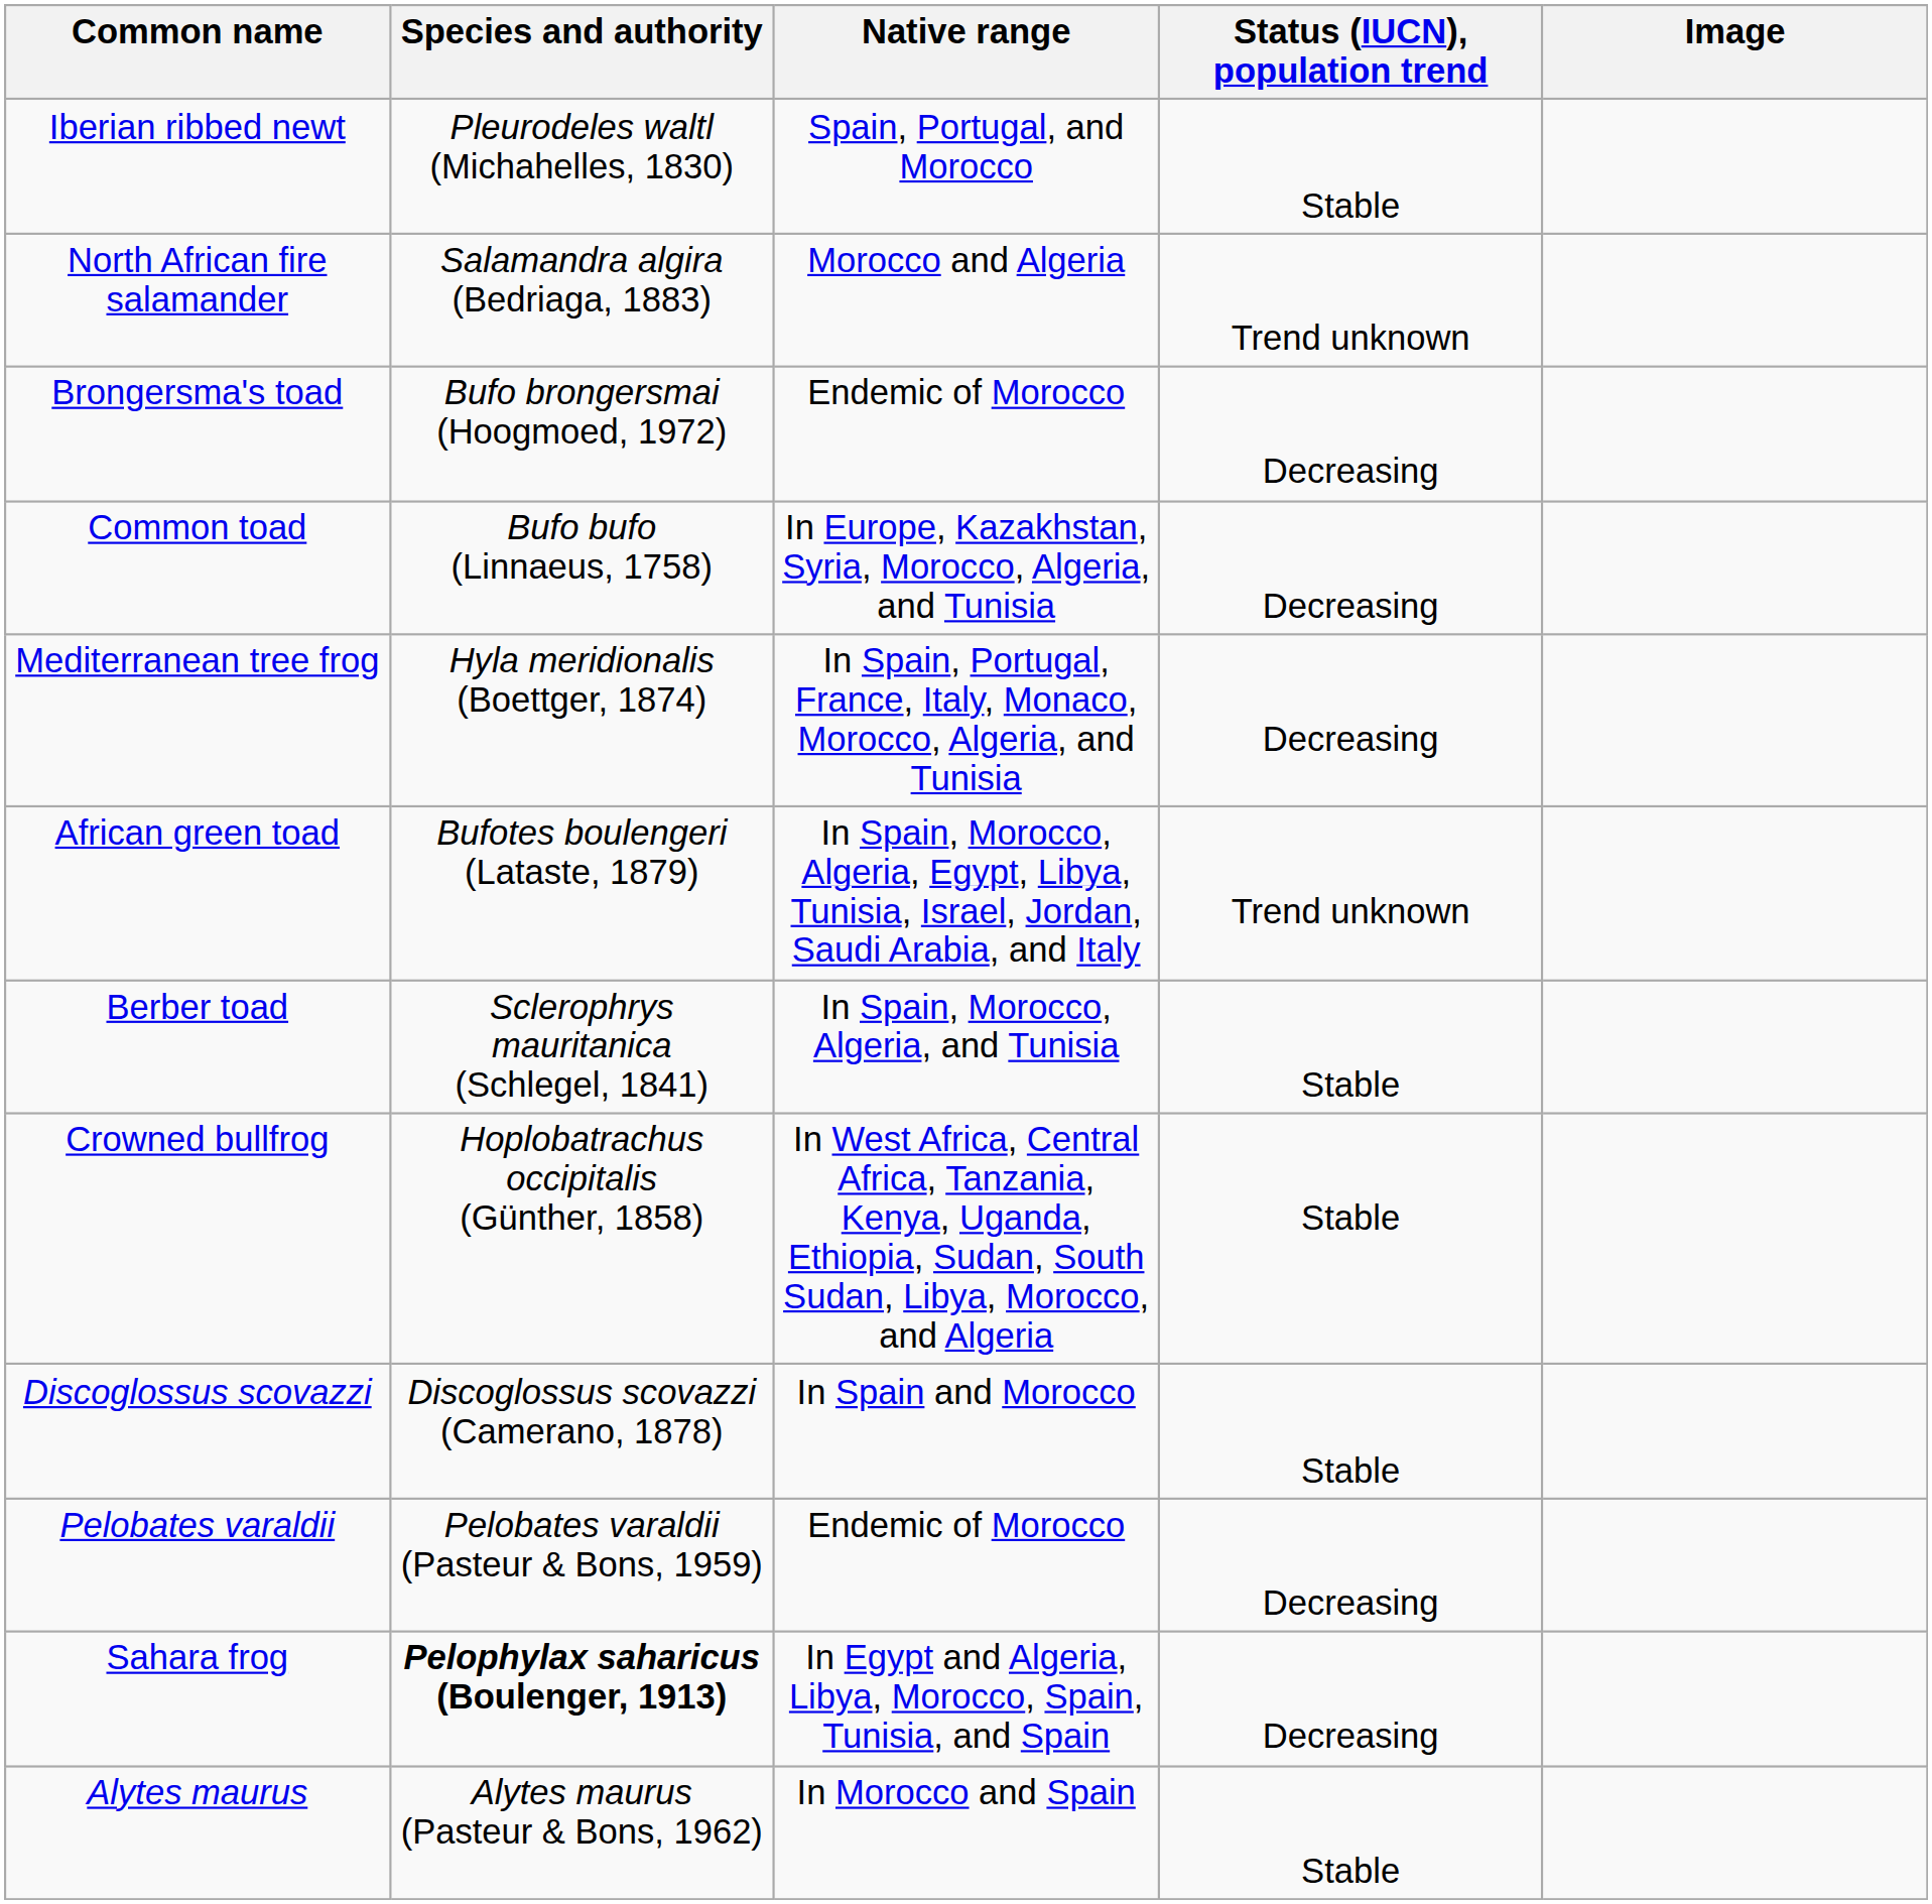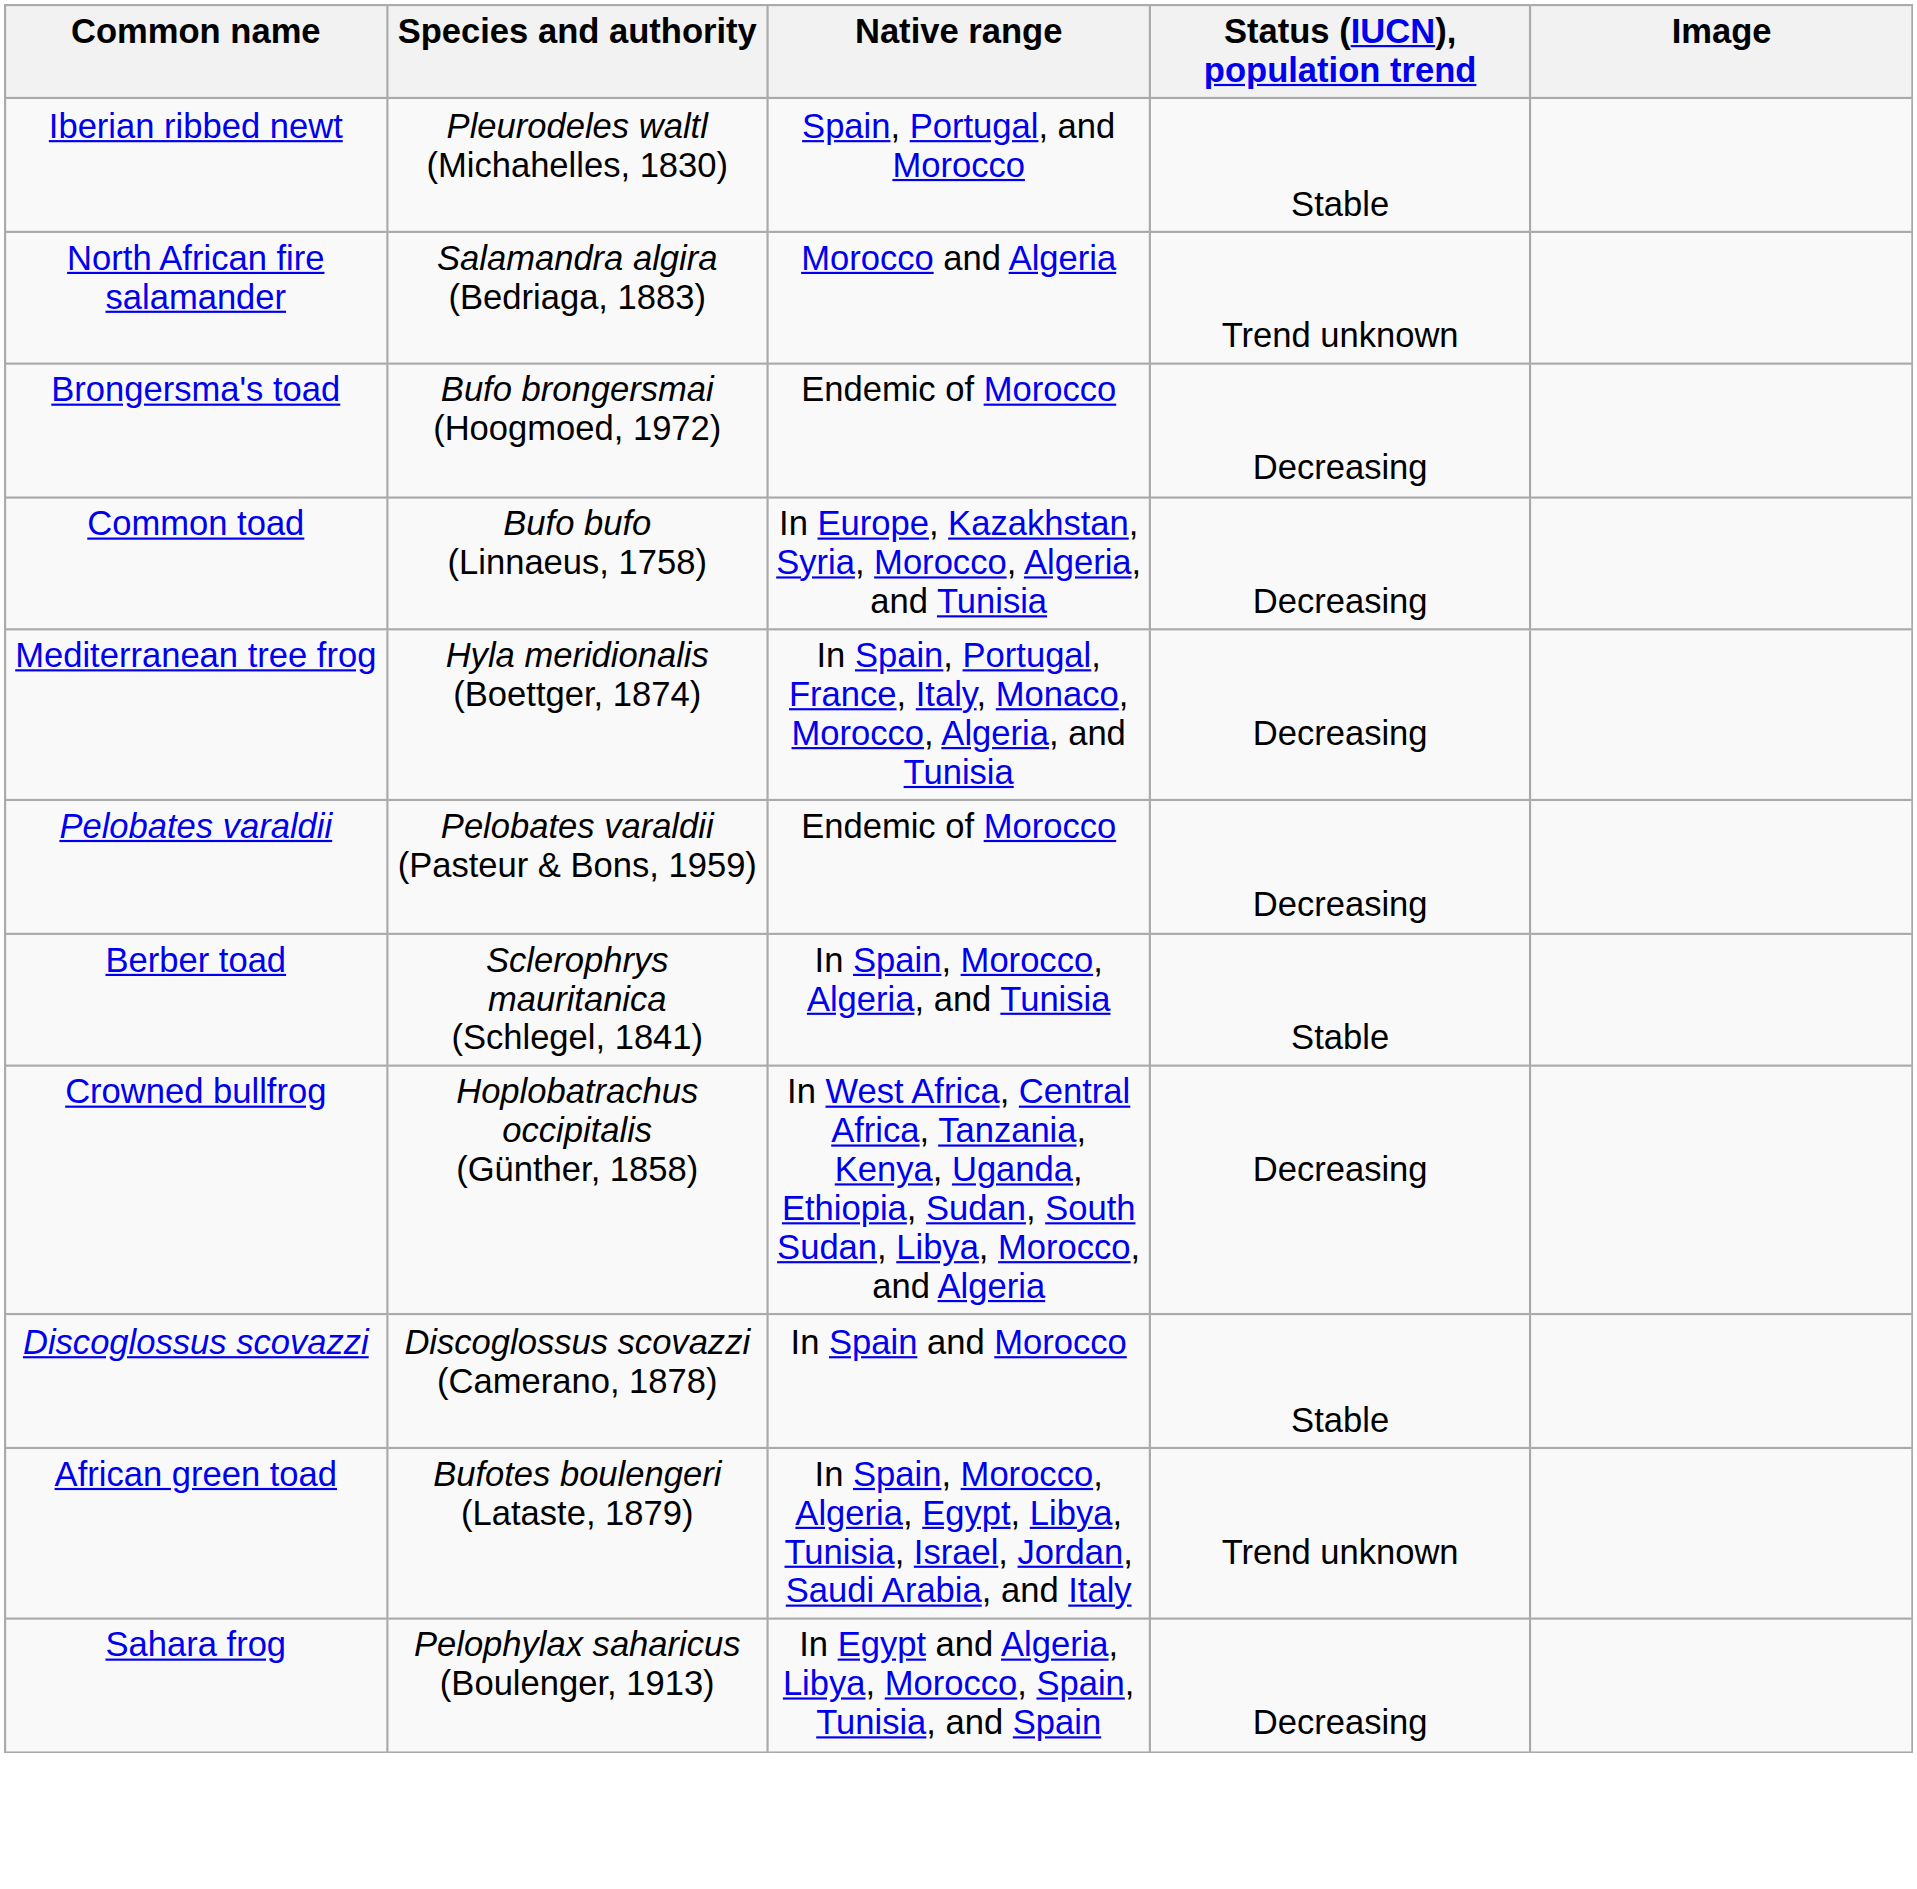 <table class="wikitable" width="100%" style="text-align:center;">
 <tr valign="top">
 <th width="20%">Common name</th>
 <th width="20%">Species and authority</th>
 <th width="20%">Native range</th>
 <th width="20%">Status (<a href='#'>IUCN</a>), <a href='#'>population trend</a></th>
 <th>Image</th>
 </tr>
 <tr valign="top">
 <td><a href='#'>Iberian ribbed newt</a></td>
 <td><em>Pleurodeles waltl</em><br>(Michahelles, 1830)</td>
 <td><a href='#'>Spain</a>, <a href='#'>Portugal</a>, and <a href='#'>Morocco</a><br></td>
 <td><br> <br> Stable</td>
 <td></td>
 </tr>
 <tr valign="top">
 <td><a href='#'>North African fire salamander</a></td>
 <td><em>Salamandra algira</em><br>(Bedriaga, 1883)</td>
 <td><a href='#'>Morocco</a> and <a href='#'>Algeria</a><br></td>
 <td><br> <br> Trend unknown</td>
 <td></td>
 </tr>
 <tr valign="top">
 <td><a href='#'>Brongersma's toad</a></td>
 <td><em>Bufo brongersmai</em><br>(Hoogmoed, 1972)</td>
 <td>Endemic of <a href='#'>Morocco</a></td>
 <td><br> <br> Decreasing</td>
 <td></td>
 </tr>
 <tr valign="top">
 <td><a href='#'>Common toad</a></td>
 <td><em>Bufo bufo</em><br>(Linnaeus, 1758)</td>
 <td>In <a href='#'>Europe</a>, <a href='#'>Kazakhstan</a>, <a href='#'>Syria</a>, <a href='#'>Morocco</a>, <a href='#'>Algeria</a>, and <a href='#'>Tunisia</a><br></td>
 <td><br> <br> Decreasing</td>
 <td></td>
 </tr>
 <tr valign="top">
 <td><a href='#'>Mediterranean tree frog</a></td>
 <td><em>Hyla meridionalis</em><br>(Boettger, 1874)</td>
 <td>In <a href='#'>Spain</a>, <a href='#'>Portugal</a>, <a href='#'>France</a>, <a href='#'>Italy</a>, <a href='#'>Monaco</a>, <a href='#'>Morocco</a>, <a href='#'>Algeria</a>, and <a href='#'>Tunisia</a><br></td>
 <td><br> <br> Decreasing</td>
 <td></td>
 </tr>
 <tr valign="top">
-<td><a href='#'>African green toad</a></td>
-<td><em>Bufotes boulengeri</em><br>(Lataste, 1879)</td>
-<td>In <a href='#'>Spain</a>, <a href='#'>Morocco</a>, <a href='#'>Algeria</a>, <a href='#'>Egypt</a>, <a href='#'>Libya</a>, <a href='#'>Tunisia</a>, <a href='#'>Israel</a>, <a href='#'>Jordan</a>, <a href='#'>Saudi Arabia</a>, and <a href='#'>Italy</a><br></td>
-<td><br> <br> Trend unknown</td>
+<td><em><a href='#'>Pelobates varaldii</a></em></td>
+<td><em>Pelobates varaldii</em><br>(Pasteur & Bons, 1959)</td>
+<td>Endemic of <a href='#'>Morocco</a></td>
+<td><br> <br> Decreasing</td>
 <td></td>
 </tr>
 <tr valign="top">
 <td><a href='#'>Berber toad</a></td>
 <td><em>Sclerophrys mauritanica</em><br>(Schlegel, 1841)</td>
 <td>In <a href='#'>Spain</a>, <a href='#'>Morocco</a>, <a href='#'>Algeria</a>, and <a href='#'>Tunisia</a><br></td>
 <td><br> <br> Stable</td>
 <td></td>
 </tr>
 <tr valign="top">
 <td><a href='#'>Crowned bullfrog</a></td>
 <td><em>Hoplobatrachus occipitalis</em><br>(Günther, 1858)</td>
 <td>In <a href='#'>West Africa</a>, <a href='#'>Central Africa</a>, <a href='#'>Tanzania</a>, <a href='#'>Kenya</a>, <a href='#'>Uganda</a>, <a href='#'>Ethiopia</a>, <a href='#'>Sudan</a>, <a href='#'>South Sudan</a>, <a href='#'>Libya</a>, <a href='#'>Morocco</a>, and <a href='#'>Algeria</a></td>
-<td><br> <br> Stable</td>
+<td><br> <br> Decreasing</td>
 <td></td>
 </tr>
 <tr valign="top">
 <td><em><a href='#'>Discoglossus scovazzi</a></em></td>
 <td><em>Discoglossus scovazzi</em><br>(Camerano, 1878)</td>
 <td>In <a href='#'>Spain</a> and <a href='#'>Morocco</a><br></td>
 <td><br> <br> Stable</td>
 <td></td>
 </tr>
 <tr valign="top">
-<td><em><a href='#'>Pelobates varaldii</a></em></td>
-<td><em>Pelobates varaldii</em><br>(Pasteur & Bons, 1959)</td>
-<td>Endemic of <a href='#'>Morocco</a></td>
-<td><br> <br> Decreasing</td>
+<td><a href='#'>African green toad</a></td>
+<td><em>Bufotes boulengeri</em><br>(Lataste, 1879)</td>
+<td>In <a href='#'>Spain</a>, <a href='#'>Morocco</a>, <a href='#'>Algeria</a>, <a href='#'>Egypt</a>, <a href='#'>Libya</a>, <a href='#'>Tunisia</a>, <a href='#'>Israel</a>, <a href='#'>Jordan</a>, <a href='#'>Saudi Arabia</a>, and <a href='#'>Italy</a><br></td>
+<td><br> <br> Trend unknown</td>
 <td></td>
 </tr>
 <tr valign="top">
 <td><a href='#'>Sahara frog</a></td>
-<td><strong><em>Pelophylax saharicus</em><br>(Boulenger, 1913)</strong></td>
+<td><em>Pelophylax saharicus</em><br>(Boulenger, 1913)</td>
 <td>In <a href='#'>Egypt</a> and <a href='#'>Algeria</a>, <a href='#'>Libya</a>, <a href='#'>Morocco</a>, <a href='#'>Spain</a>, <a href='#'>Tunisia</a>, and <a href='#'>Spain</a><br></td>
 <td><br> <br> Decreasing</td>
 <td></td>
 </tr>
-<tr valign="top">
-<td><em><a href='#'>Alytes maurus</a></em></td>
-<td><em>Alytes maurus</em><br>(Pasteur & Bons, 1962)</td>
-<td>In <a href='#'>Morocco</a> and <a href='#'>Spain</a><br></td>
-<td><br> <br> Stable</td>
-<td></td>
-</tr>
 </table>
